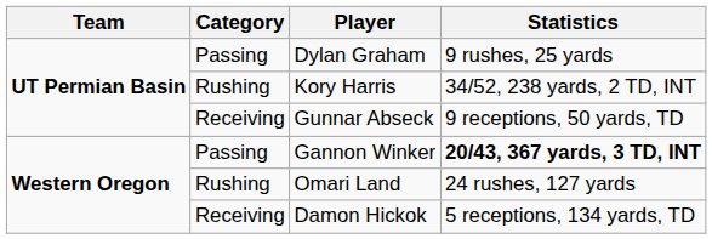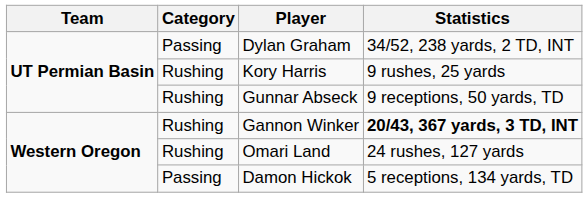 <table class="wikitable" style="float: right;">
 <tr>
 <th>Team</th>
 <th>Category</th>
 <th>Player</th>
 <th>Statistics</th>
 </tr>
 <tr>
 <td rowspan=3><strong>UT Permian Basin</strong></td>
 <td>Passing</td>
 <td>Dylan Graham</td>
+<td>34/52, 238 yards, 2 TD, INT</td>
+</tr>
+<tr>
+<td>Rushing</td>
+<td>Kory Harris</td>
 <td>9 rushes, 25 yards</td>
 </tr>
 <tr>
 <td>Rushing</td>
-<td>Kory Harris</td>
-<td>34/52, 238 yards, 2 TD, INT</td>
-</tr>
-<tr>
-<td>Receiving</td>
 <td>Gunnar Abseck</td>
 <td>9 receptions, 50 yards, TD</td>
 </tr>
 <tr>
 <td rowspan=3><strong>Western Oregon</strong></td>
-<td>Passing</td>
+<td>Rushing</td>
 <td>Gannon Winker</td>
 <td><strong>20/43, 367 yards, 3 TD, INT</strong></td>
 </tr>
 <tr>
 <td>Rushing</td>
 <td>Omari Land</td>
 <td>24 rushes, 127 yards</td>
 </tr>
 <tr>
-<td>Receiving</td>
+<td>Passing</td>
 <td>Damon Hickok</td>
 <td>5 receptions, 134 yards, TD</td>
 </tr>
 </table>
